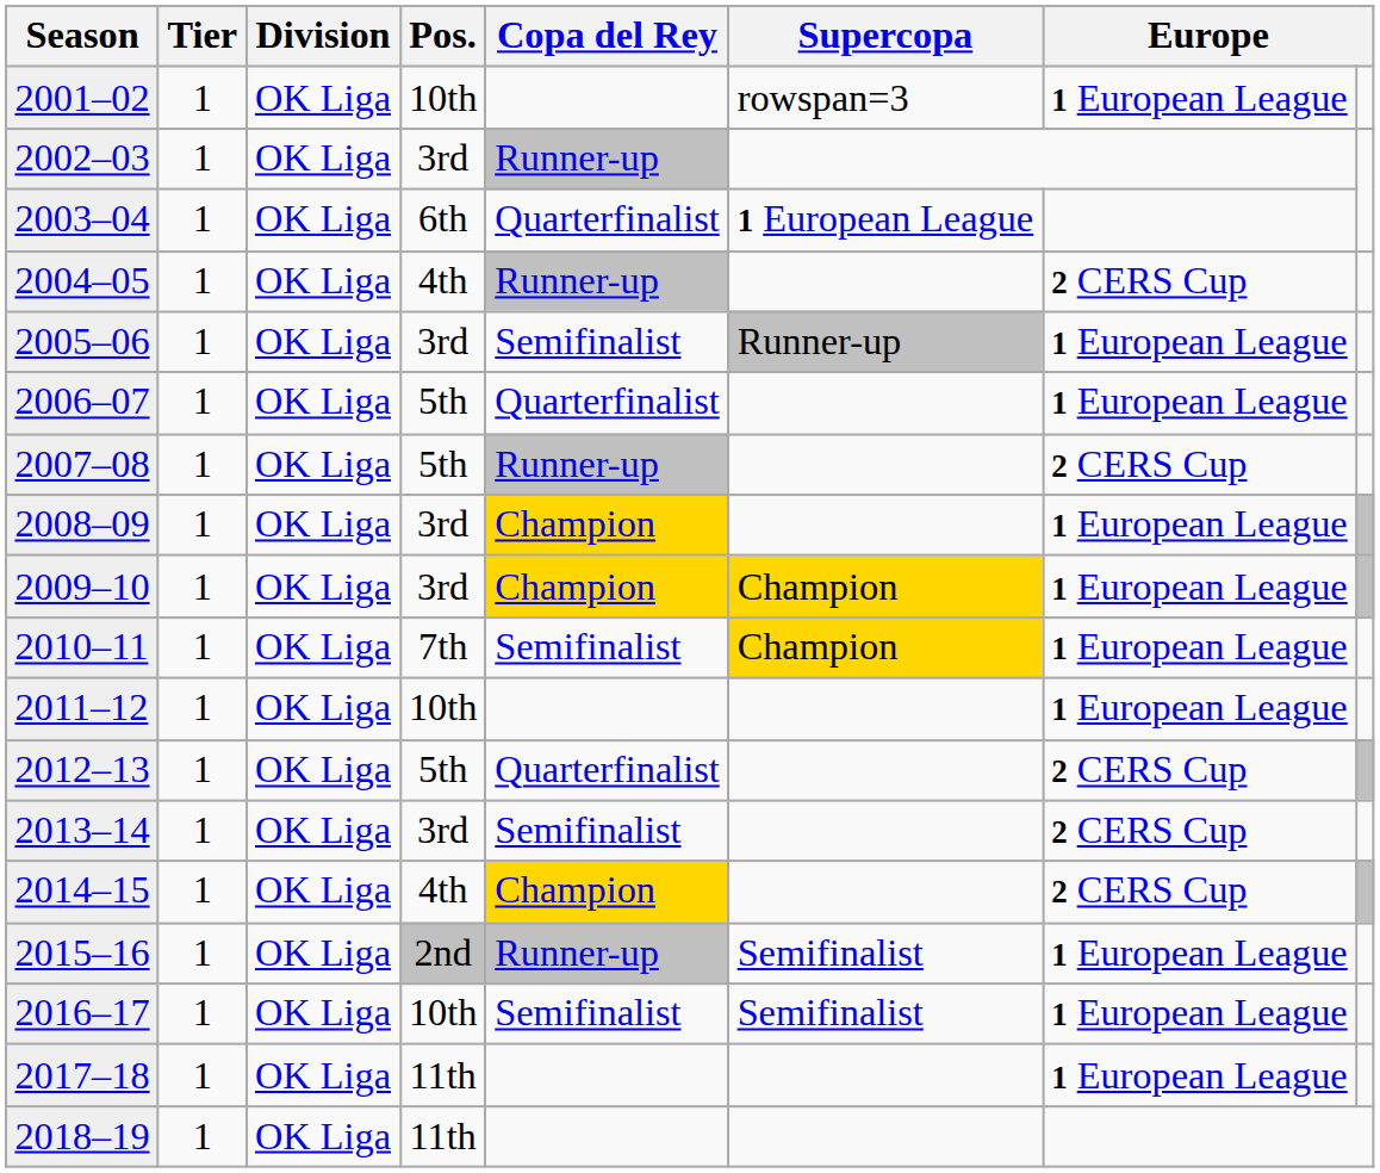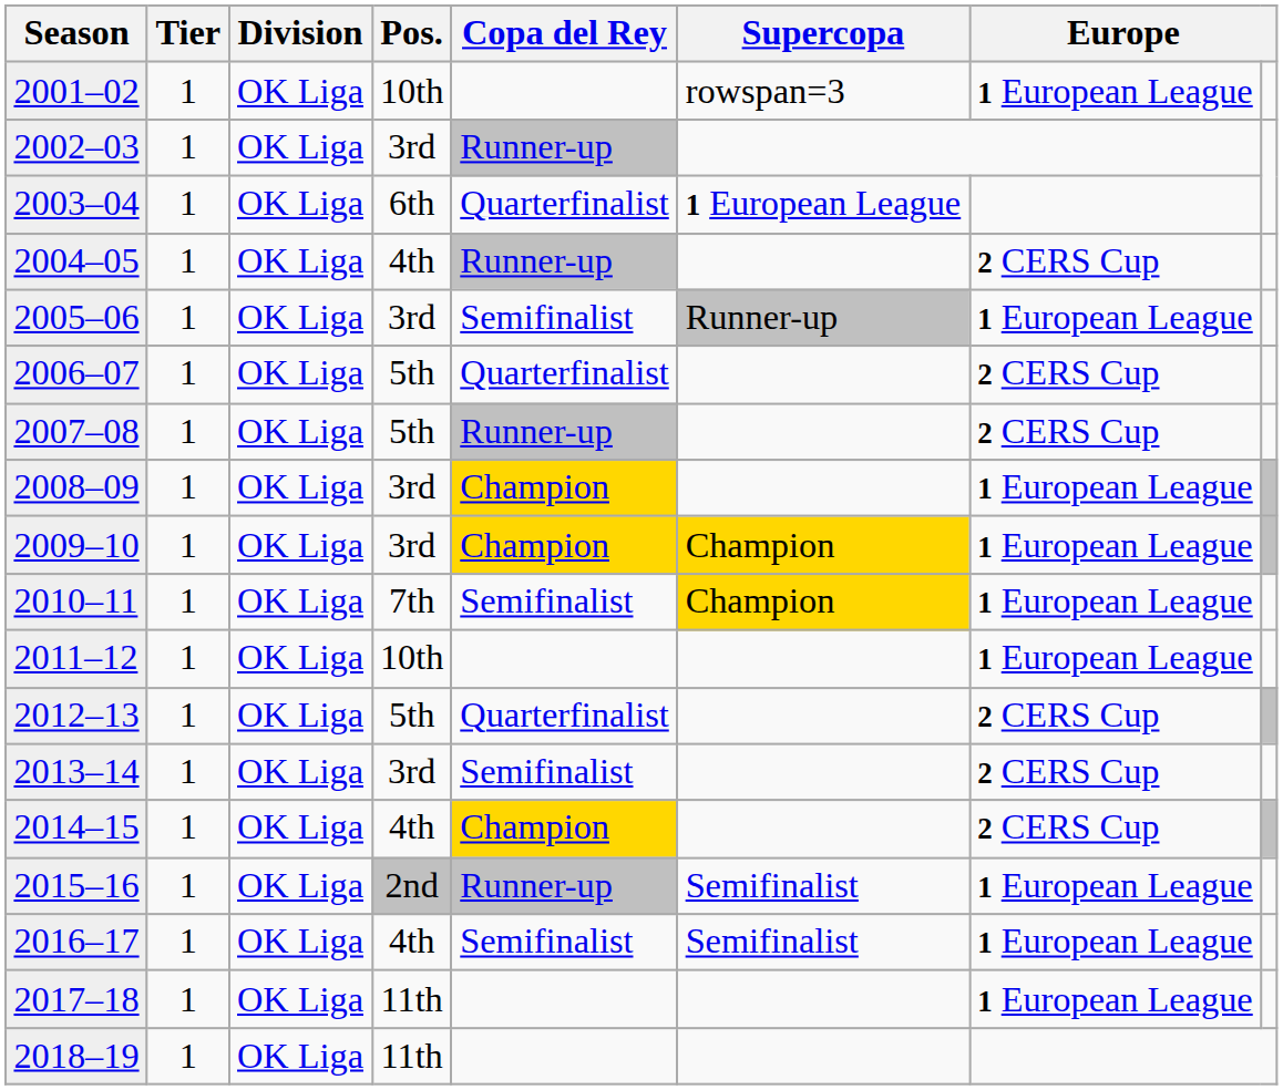 <table class="wikitable">
 <tr>
 <th>Season</th>
 <th>Tier</th>
 <th>Division</th>
 <th>Pos.</th>
 <th><a href='#'>Copa del Rey</a></th>
 <th><a href='#'>Supercopa</a></th>
 <th colspan=2>Europe</th>
 </tr>
 <tr>
 <td style="background:#efefef;"><a href='#'>2001–02</a></td>
 <td align="center">1</td>
 <td><a href='#'>OK Liga</a></td>
 <td align="center">10th</td>
 <td></td>
 <td>rowspan=3 </td>
 <td><small><strong>1</strong></small> <a href='#'>European League</a></td>
 <td align=center></td>
 </tr>
 <tr>
 <td style="background:#efefef;"><a href='#'>2002–03</a></td>
 <td align="center">1</td>
 <td><a href='#'>OK Liga</a></td>
 <td align="center">3rd</td>
 <td bgcolor=silver><a href='#'>Runner-up</a></td>
 <td colspan=2></td>
 </tr>
 <tr>
 <td style="background:#efefef;"><a href='#'>2003–04</a></td>
 <td align="center">1</td>
 <td><a href='#'>OK Liga</a></td>
 <td align="center">6th</td>
 <td><a href='#'>Quarterfinalist</a></td>
 <td><small><strong>1</strong></small> <a href='#'>European League</a></td>
 <td align=center></td>
 </tr>
 <tr>
 <td style="background:#efefef;"><a href='#'>2004–05</a></td>
 <td align="center">1</td>
 <td><a href='#'>OK Liga</a></td>
 <td align="center">4th</td>
 <td bgcolor=silver><a href='#'>Runner-up</a></td>
 <td></td>
 <td><small><strong>2</strong></small> <a href='#'>CERS Cup</a></td>
 <td align=center></td>
 </tr>
 <tr>
 <td style="background:#efefef;"><a href='#'>2005–06</a></td>
 <td align="center">1</td>
 <td><a href='#'>OK Liga</a></td>
 <td align="center">3rd</td>
 <td><a href='#'>Semifinalist</a></td>
 <td bgcolor=silver>Runner-up</td>
 <td><small><strong>1</strong></small> <a href='#'>European League</a></td>
 <td align=center></td>
 </tr>
 <tr>
 <td style="background:#efefef;"><a href='#'>2006–07</a></td>
 <td align="center">1</td>
 <td><a href='#'>OK Liga</a></td>
 <td align="center">5th</td>
 <td><a href='#'>Quarterfinalist</a></td>
 <td></td>
-<td><small><strong>1</strong></small> <a href='#'>European League</a></td>
+<td><small><strong>2</strong></small> <a href='#'>CERS Cup</a></td>
 <td align=center></td>
 </tr>
 <tr>
 <td style="background:#efefef;"><a href='#'>2007–08</a></td>
 <td align="center">1</td>
 <td><a href='#'>OK Liga</a></td>
 <td align="center">5th</td>
 <td bgcolor=silver><a href='#'>Runner-up</a></td>
 <td></td>
 <td><small><strong>2</strong></small> <a href='#'>CERS Cup</a></td>
 <td align=center></td>
 </tr>
 <tr>
 <td style="background:#efefef;"><a href='#'>2008–09</a></td>
 <td align="center">1</td>
 <td><a href='#'>OK Liga</a></td>
 <td align="center">3rd</td>
 <td bgcolor=gold><a href='#'>Champion</a></td>
 <td></td>
 <td><small><strong>1</strong></small> <a href='#'>European League</a></td>
 <td bgcolor=silver align=center></td>
 </tr>
 <tr>
 <td style="background:#efefef;"><a href='#'>2009–10</a></td>
 <td align="center">1</td>
 <td><a href='#'>OK Liga</a></td>
 <td align="center">3rd</td>
 <td bgcolor=gold><a href='#'>Champion</a></td>
 <td bgcolor=gold>Champion</td>
 <td><small><strong>1</strong></small> <a href='#'>European League</a></td>
 <td bgcolor=silver align=center></td>
 </tr>
 <tr>
 <td style="background:#efefef;"><a href='#'>2010–11</a></td>
 <td align="center">1</td>
 <td><a href='#'>OK Liga</a></td>
 <td align="center">7th</td>
 <td><a href='#'>Semifinalist</a></td>
 <td bgcolor=gold>Champion</td>
 <td><small><strong>1</strong></small> <a href='#'>European League</a></td>
 <td align=center></td>
 </tr>
 <tr>
 <td style="background:#efefef;"><a href='#'>2011–12</a></td>
 <td align="center">1</td>
 <td><a href='#'>OK Liga</a></td>
 <td align="center">10th</td>
 <td></td>
 <td></td>
 <td><small><strong>1</strong></small> <a href='#'>European League</a></td>
 <td align=center></td>
 </tr>
 <tr>
 <td style="background:#efefef;"><a href='#'>2012–13</a></td>
 <td align="center">1</td>
 <td><a href='#'>OK Liga</a></td>
 <td align="center">5th</td>
 <td><a href='#'>Quarterfinalist</a></td>
 <td></td>
 <td><small><strong>2</strong></small> <a href='#'>CERS Cup</a></td>
 <td bgcolor=silver align=center></td>
 </tr>
 <tr>
 <td style="background:#efefef;"><a href='#'>2013–14</a></td>
 <td align="center">1</td>
 <td><a href='#'>OK Liga</a></td>
 <td align="center">3rd</td>
 <td><a href='#'>Semifinalist</a></td>
 <td></td>
 <td><small><strong>2</strong></small> <a href='#'>CERS Cup</a></td>
 <td align=center></td>
 </tr>
 <tr>
 <td style="background:#efefef;"><a href='#'>2014–15</a></td>
 <td align="center">1</td>
 <td><a href='#'>OK Liga</a></td>
 <td align="center">4th</td>
 <td bgcolor=gold><a href='#'>Champion</a></td>
 <td></td>
 <td><small><strong>2</strong></small> <a href='#'>CERS Cup</a></td>
 <td bgcolor=silver align=center></td>
 </tr>
 <tr>
 <td style="background:#efefef;"><a href='#'>2015–16</a></td>
 <td align="center">1</td>
 <td><a href='#'>OK Liga</a></td>
 <td align="center" bgcolor=silver>2nd</td>
 <td bgcolor=silver><a href='#'>Runner-up</a></td>
 <td><a href='#'>Semifinalist</a></td>
 <td><small><strong>1</strong></small> <a href='#'>European League</a></td>
 <td align=center></td>
 </tr>
 <tr>
 <td style="background:#efefef;"><a href='#'>2016–17</a></td>
 <td align="center">1</td>
 <td><a href='#'>OK Liga</a></td>
-<td align="center">10th</td>
+<td align="center">4th</td>
 <td><a href='#'>Semifinalist</a></td>
 <td><a href='#'>Semifinalist</a></td>
 <td><small><strong>1</strong></small> <a href='#'>European League</a></td>
 <td align=center></td>
 </tr>
 <tr>
 <td style="background:#efefef;"><a href='#'>2017–18</a></td>
 <td align="center">1</td>
 <td><a href='#'>OK Liga</a></td>
 <td align=center>11th</td>
 <td></td>
 <td></td>
 <td><small><strong>1</strong></small> <a href='#'>European League</a></td>
 <td align=center></td>
 </tr>
 <tr>
 <td style="background:#efefef;"><a href='#'>2018–19</a></td>
 <td align="center">1</td>
 <td><a href='#'>OK Liga</a></td>
 <td align=center>11th</td>
 <td></td>
 <td></td>
 <td colspan=2></td>
 </tr>
 </table>
